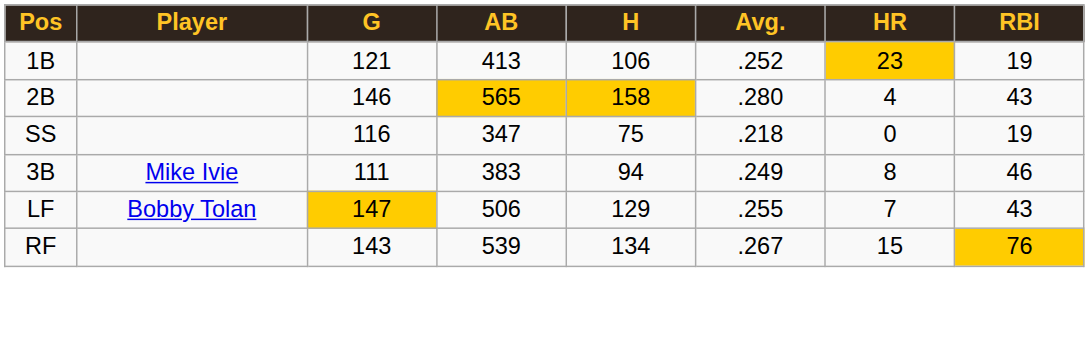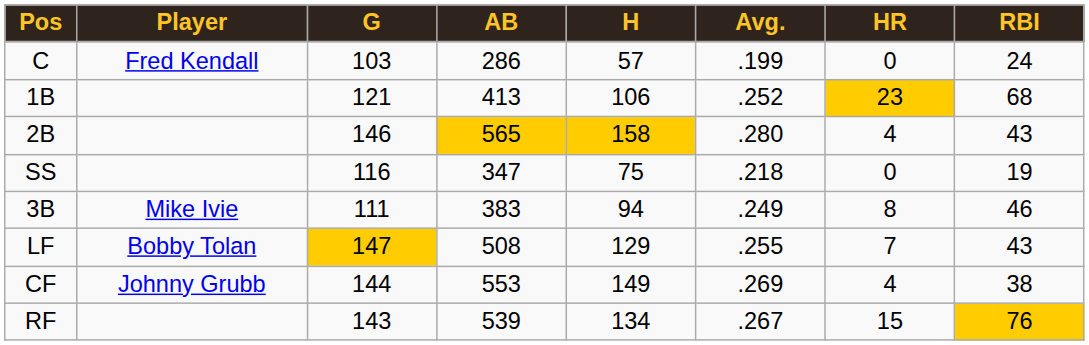 <table class="wikitable sortable">
 <tr>
 <th style="background:#2F241D;color:#FFC425;" width="5%">Pos</th>
 <th style="background:#2F241D;color:#FFC425;" width="16%">Player</th>
 <th style="background:#2F241D;color:#FFC425;" width="9%">G</th>
 <th style="background:#2F241D;color:#FFC425;" width="9%">AB</th>
 <th style="background:#2F241D;color:#FFC425;" width="9%">H</th>
 <th style="background:#2F241D;color:#FFC425;" width="9%">Avg.</th>
 <th style="background:#2F241D;color:#FFC425;" width="9%">HR</th>
 <th style="background:#2F241D;color:#FFC425;" width="9%">RBI</th>
 </tr>
+<tr align="center">
+<td>C</td>
+<td><a href='#'>Fred Kendall</a></td>
+<td>103</td>
+<td>286</td>
+<td>57</td>
+<td>.199</td>
+<td>0</td>
+<td>24</td>
+</tr>
 <tr align=center>
 <td>1B</td>
 <td></td>
 <td>121</td>
 <td>413</td>
 <td>106</td>
 <td>.252</td>
 <td style="background:#fc0;">23</td>
-<td>19</td>
+<td>68</td>
 </tr>
 <tr align="center">
 <td>2B</td>
 <td></td>
 <td>146</td>
 <td style="background:#fc0;">565</td>
 <td style="background:#fc0;">158</td>
 <td>.280</td>
 <td>4</td>
 <td>43</td>
 </tr>
 <tr align="center">
 <td>SS</td>
 <td></td>
 <td>116</td>
 <td>347</td>
 <td>75</td>
 <td>.218</td>
 <td>0</td>
 <td>19</td>
 </tr>
 <tr align="center">
 <td>3B</td>
 <td><a href='#'>Mike Ivie</a></td>
 <td>111</td>
 <td>383</td>
 <td>94</td>
 <td>.249</td>
 <td>8</td>
 <td>46</td>
 </tr>
 <tr align=center>
 <td>LF</td>
 <td><a href='#'>Bobby Tolan</a></td>
 <td style="background:#fc0;">147</td>
-<td>506</td>
+<td>508</td>
 <td>129</td>
 <td>.255</td>
 <td>7</td>
 <td>43</td>
+</tr>
+<tr align=center>
+<td>CF</td>
+<td><a href='#'>Johnny Grubb</a></td>
+<td>144</td>
+<td>553</td>
+<td>149</td>
+<td>.269</td>
+<td>4</td>
+<td>38</td>
 </tr>
 <tr align=center>
 <td>RF</td>
 <td></td>
 <td>143</td>
 <td>539</td>
 <td>134</td>
 <td>.267</td>
 <td>15</td>
 <td style="background:#fc0;">76</td>
 </tr>
 </table>
